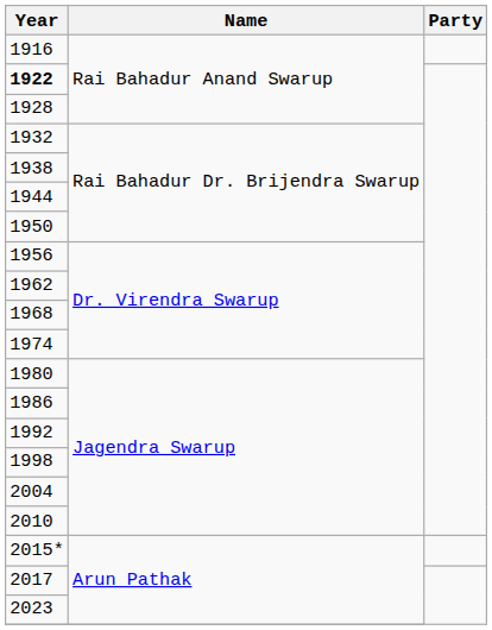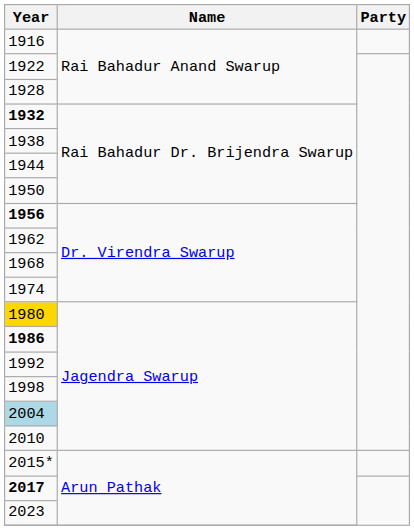 <table class="wikitable sortable">
 <tr>
 <th>Year</th>
 <th>Name</th>
 <th colspan="2">Party</th>
 </tr>
 <tr>
 <td>1916</td>
 <td rowspan=3>Rai Bahadur Anand Swarup</td>
 <td></td>
 </tr>
 <tr>
-<td><strong>1922</strong></td>
+<td>1922</td>
 </tr>
 <tr>
 <td>1928</td>
 </tr>
 <tr>
-<td>1932</td>
+<td><strong>1932</strong></td>
 <td rowspan=4>Rai Bahadur Dr. Brijendra Swarup</td>
 </tr>
 <tr>
 <td>1938</td>
 </tr>
 <tr>
 <td>1944</td>
 </tr>
 <tr>
 <td>1950</td>
 </tr>
 <tr>
-<td>1956</td>
+<td><strong>1956</strong></td>
 <td rowspan=4><a href='#'>Dr. Virendra Swarup</a></td>
 </tr>
 <tr>
 <td>1962</td>
 </tr>
 <tr>
 <td>1968</td>
 </tr>
 <tr>
 <td>1974</td>
 </tr>
 <tr>
-<td>1980</td>
+<td style="background: gold;">1980</td>
 <td rowspan=6><a href='#'>Jagendra Swarup</a></td>
 </tr>
 <tr>
-<td>1986</td>
+<td><strong>1986</strong></td>
 </tr>
 <tr>
 <td>1992</td>
 </tr>
 <tr>
 <td>1998</td>
 </tr>
 <tr>
-<td>2004</td>
+<td style="background: lightblue;">2004</td>
 </tr>
 <tr>
 <td>2010</td>
 </tr>
 <tr>
 <td>2015*</td>
 <td rowspan=3><a href='#'>Arun Pathak</a></td>
 <td></td>
 </tr>
 <tr>
-<td>2017</td>
+<td><strong>2017</strong></td>
 </tr>
 <tr>
 <td>2023</td>
 </tr>
 <tr>
 </tr>
 </table>
